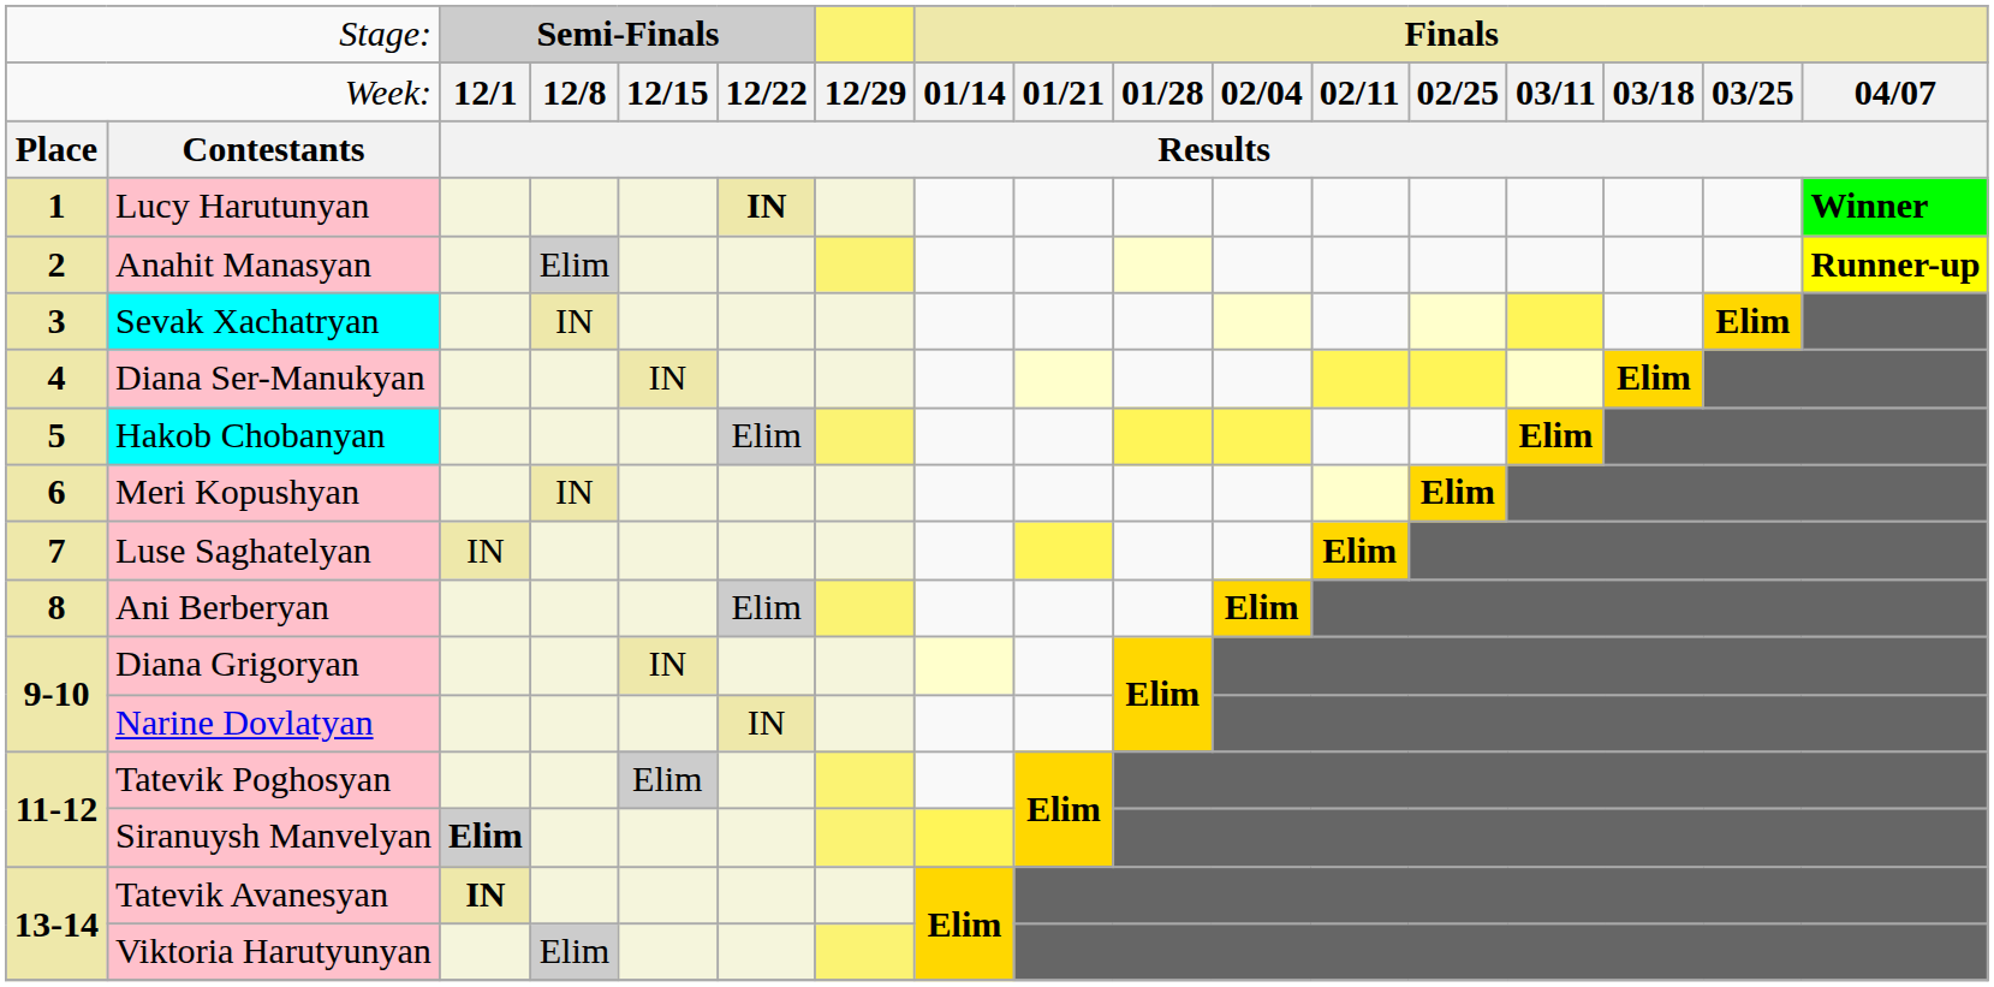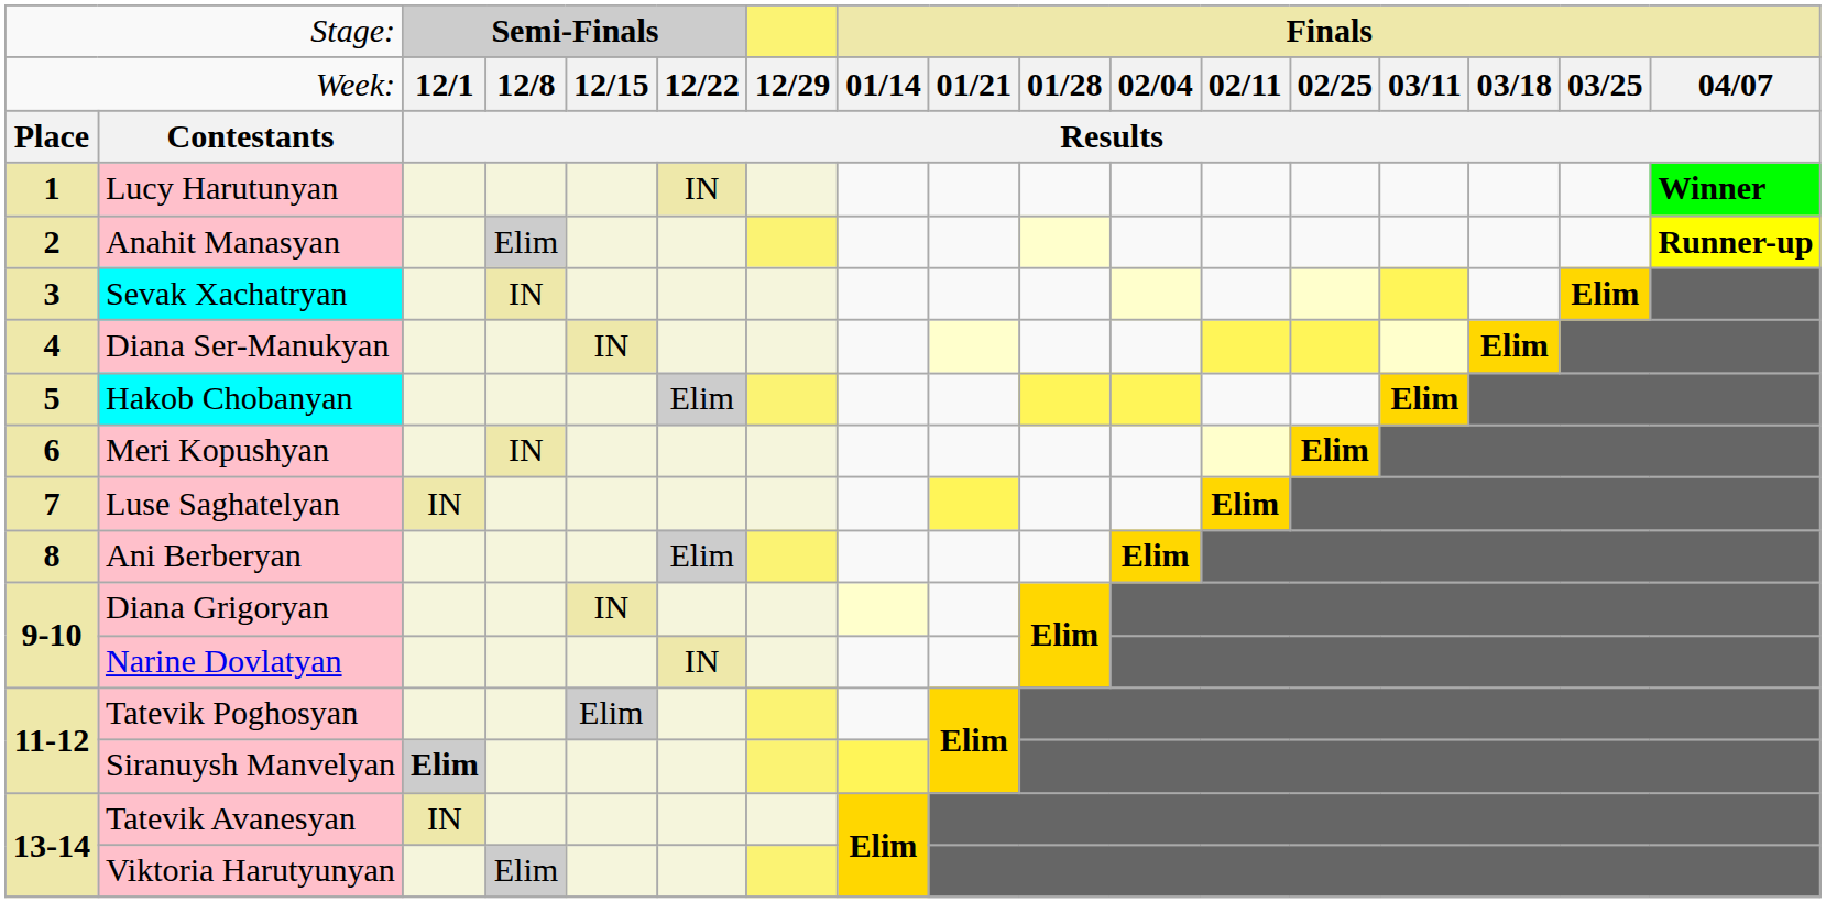 <table class="wikitable">
 <tr>
 <td colspan=2 align="right"><em>Stage:</em></td>
 <td colspan=4 bgcolor="CCCCCC" align="Center"><strong>Semi-Finals</strong></td>
 <td colspan=1 bgcolor="#FBF373" align="center"></td>
 <td colspan=11 bgcolor="palegoldenrod" align="Center"><strong>Finals</strong></td>
 </tr>
 <tr>
 <td colspan=2 align="right"><em>Week:</em></td>
 <th>12/1</th>
 <th>12/8</th>
 <th>12/15</th>
 <th>12/22</th>
 <th>12/29</th>
 <th>01/14</th>
 <th>01/21</th>
 <th>01/28</th>
 <th>02/04</th>
 <th>02/11</th>
 <th>02/25</th>
 <th>03/11</th>
 <th>03/18</th>
 <th>03/25</th>
 <th>04/07</th>
 </tr>
 <tr>
 <th>Place</th>
 <th>Contestants</th>
 <th colspan=15 align="center">Results</th>
 </tr>
 <tr>
 <td align="center" bgcolor="palegoldenrod"><strong>1</strong></td>
 <td bgcolor="pink">Lucy Harutunyan</td>
 <td bgcolor="F5F5DC"></td>
 <td bgcolor="F5F5DC"></td>
 <td bgcolor="F5F5DC"></td>
-<td bgcolor="palegoldenrod" align="center"><strong>IN</strong></td>
+<td bgcolor="palegoldenrod" align="center">IN</td>
 <td bgcolor="F5F5DC"></td>
 <td></td>
 <td></td>
 <td></td>
 <td></td>
 <td></td>
 <td></td>
 <td></td>
 <td></td>
 <td></td>
 <td style="background: Lime"><strong>Winner</strong></td>
 </tr>
 <tr>
 <td align="center" bgcolor="palegoldenrod"><strong>2</strong></td>
 <td bgcolor="pink">Anahit Manasyan</td>
 <td bgcolor="F5F5DC"></td>
 <td bgcolor="#CCCCCC" align="center">Elim</td>
 <td bgcolor="F5F5DC"></td>
 <td bgcolor="F5F5DC"></td>
 <td bgcolor="#FBF373" align="center"></td>
 <td></td>
 <td></td>
 <td bgcolor="#FFFFCC" align="center"></td>
 <td></td>
 <td></td>
 <td></td>
 <td></td>
 <td></td>
 <td></td>
 <td style="background: yellow"><strong>Runner-up</strong></td>
 </tr>
 <tr>
 <td align="center" bgcolor="palegoldenrod"><strong>3</strong></td>
 <td bgcolor="cyan">Sevak Xachatryan</td>
 <td bgcolor="F5F5DC"></td>
 <td bgcolor="palegoldenrod" align="center">IN</td>
 <td bgcolor="F5F5DC"></td>
 <td bgcolor="F5F5DC"></td>
 <td bgcolor="F5F5DC"></td>
 <td></td>
 <td></td>
 <td></td>
 <td bgcolor="#FFFFCC" align="center"></td>
 <td></td>
 <td bgcolor="#FFFFCC" align="center"></td>
 <td bgcolor="#FFF558" align="center"></td>
 <td></td>
 <td bgcolor="gold" align="center"><strong>Elim</strong></td>
 <td bgcolor="666666"></td>
 </tr>
 <tr>
 <td align="center" bgcolor="palegoldenrod"><strong>4</strong></td>
 <td bgcolor="pink">Diana Ser-Manukyan</td>
 <td bgcolor="F5F5DC"></td>
 <td bgcolor="F5F5DC"></td>
 <td bgcolor="palegoldenrod" align="center">IN</td>
 <td bgcolor="F5F5DC"></td>
 <td bgcolor="F5F5DC"></td>
 <td></td>
 <td bgcolor="#FFFFCC" align="center"></td>
 <td></td>
 <td></td>
 <td bgcolor="#FFF558" align="center"></td>
 <td bgcolor="#FFF558" align="center"></td>
 <td bgcolor="#FFFFCC" align="center"></td>
 <td bgcolor="gold" align="center"><strong>Elim</strong></td>
 <td colspan=2 bgcolor="666666"></td>
 </tr>
 <tr>
 <td align="center" bgcolor="palegoldenrod"><strong>5</strong></td>
 <td bgcolor="cyan">Hakob Chobanyan</td>
 <td bgcolor="F5F5DC"></td>
 <td bgcolor="F5F5DC"></td>
 <td bgcolor="F5F5DC"></td>
 <td bgcolor="#CCCCCC" align="center">Elim</td>
 <td bgcolor="#FBF373" align="center"></td>
 <td></td>
 <td></td>
 <td bgcolor="#FFF558" align="center"></td>
 <td bgcolor="#FFF558" align="center"></td>
 <td></td>
 <td></td>
 <td bgcolor="gold" align="center"><strong>Elim</strong></td>
 <td colspan=3 bgcolor="666666"></td>
 </tr>
 <tr>
 <td align="center" bgcolor="palegoldenrod"><strong>6</strong></td>
 <td bgcolor="pink">Meri Kopushyan</td>
 <td bgcolor="F5F5DC"></td>
 <td bgcolor="palegoldenrod" align="center">IN</td>
 <td bgcolor="F5F5DC"></td>
 <td bgcolor="F5F5DC"></td>
 <td bgcolor="F5F5DC"></td>
 <td></td>
 <td></td>
 <td></td>
 <td></td>
 <td bgcolor="#FFFFCC" align="center"></td>
 <td bgcolor="gold" align="center"><strong>Elim</strong></td>
 <td colspan=4 bgcolor="666666"></td>
 </tr>
 <tr>
 <td align="center" bgcolor="palegoldenrod"><strong>7</strong></td>
 <td bgcolor="pink">Luse Saghatelyan</td>
 <td bgcolor="palegoldenrod" align="center">IN</td>
 <td bgcolor="F5F5DC"></td>
 <td bgcolor="F5F5DC"></td>
 <td bgcolor="F5F5DC"></td>
 <td bgcolor="F5F5DC"></td>
 <td></td>
 <td bgcolor="#FFF558" align="center"></td>
 <td></td>
 <td></td>
 <td bgcolor="gold" align="center"><strong>Elim</strong></td>
 <td colspan=5 bgcolor="666666"></td>
 </tr>
 <tr>
 <td align="center" bgcolor="palegoldenrod"><strong>8</strong></td>
 <td bgcolor="pink">Ani Berberyan</td>
 <td bgcolor="F5F5DC"></td>
 <td bgcolor="F5F5DC"></td>
 <td bgcolor="F5F5DC"></td>
 <td bgcolor="#CCCCCC" align="center">Elim</td>
 <td bgcolor="#FBF373" align="center"></td>
 <td></td>
 <td></td>
 <td></td>
 <td bgcolor="gold" align="center"><strong>Elim</strong></td>
 <td colspan=6 bgcolor="666666"></td>
 </tr>
 <tr>
 <td align="center" rowspan=2 bgcolor="palegoldenrod"><strong>9-10</strong></td>
 <td bgcolor="pink">Diana Grigoryan</td>
 <td bgcolor="F5F5DC"></td>
 <td bgcolor="F5F5DC"></td>
 <td bgcolor="palegoldenrod" align="center">IN</td>
 <td bgcolor="F5F5DC"></td>
 <td bgcolor="F5F5DC"></td>
 <td bgcolor="#FFFFCC" align="center"></td>
 <td></td>
 <td bgcolor="gold" align="center" rowspan=2><strong>Elim</strong></td>
 <td colspan=7 bgcolor="666666"></td>
 </tr>
 <tr>
 <td bgcolor="pink"><a href='#'>Narine Dovlatyan</a></td>
 <td bgcolor="F5F5DC"></td>
 <td bgcolor="F5F5DC"></td>
 <td bgcolor="F5F5DC"></td>
 <td bgcolor="palegoldenrod" align="center">IN</td>
 <td bgcolor="F5F5DC"></td>
 <td></td>
 <td></td>
 <td colspan=7 bgcolor="666666"></td>
 </tr>
 <tr>
 <td align="center" rowspan=2 bgcolor="palegoldenrod"><strong>11-12</strong></td>
 <td bgcolor="pink">Tatevik Poghosyan</td>
 <td bgcolor="F5F5DC"></td>
 <td bgcolor="F5F5DC"></td>
 <td bgcolor="#CCCCCC" align="center">Elim</td>
 <td bgcolor="F5F5DC"></td>
 <td bgcolor="#FBF373" align="center"></td>
 <td></td>
 <td bgcolor="gold" align="center" rowspan=2><strong>Elim</strong></td>
 <td colspan=8 bgcolor="666666"></td>
 </tr>
 <tr>
 <td bgcolor="pink">Siranuysh Manvelyan</td>
 <td bgcolor="#CCCCCC" align="center"><strong>Elim</strong></td>
 <td bgcolor="F5F5DC"></td>
 <td bgcolor="F5F5DC"></td>
 <td bgcolor="F5F5DC"></td>
 <td bgcolor="#FBF373" align="center"></td>
 <td bgcolor="#FFF558" align="center"></td>
 <td colspan=8 bgcolor="666666"></td>
 </tr>
 <tr>
 <td align="center" rowspan=2 bgcolor="palegoldenrod"><strong>13-14</strong></td>
 <td bgcolor="pink">Tatevik Avanesyan</td>
-<td bgcolor="palegoldenrod" align="center"><strong>IN</strong></td>
+<td bgcolor="palegoldenrod" align="center">IN</td>
 <td bgcolor="F5F5DC"></td>
 <td bgcolor="F5F5DC"></td>
 <td bgcolor="F5F5DC"></td>
 <td bgcolor="F5F5DC"></td>
 <td bgcolor="gold" align="center" rowspan=2><strong>Elim</strong></td>
 <td colspan=9 bgcolor="666666"></td>
 </tr>
 <tr>
 <td bgcolor="pink">Viktoria Harutyunyan</td>
 <td bgcolor="F5F5DC"></td>
 <td bgcolor="#CCCCCC" align="center">Elim</td>
 <td bgcolor="F5F5DC"></td>
 <td bgcolor="F5F5DC"></td>
 <td bgcolor="#FBF373" align="center"></td>
 <td colspan=9 bgcolor="666666"></td>
 </tr>
 <tr>
 </tr>
 </table>
